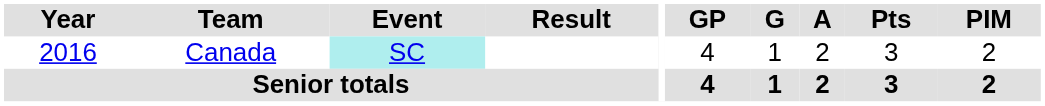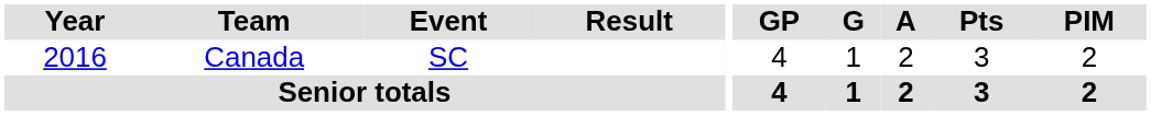 <table border="0" cellpadding="1" cellspacing="0" ID="Table3" style="text-align:center; width:40em">
 <tr align="center" bgcolor="#e0e0e0">
 <th>Year</th>
 <th>Team</th>
 <th>Event</th>
 <th>Result</th>
 <th rowspan="99" bgcolor="#ffffff"></th>
 <th>GP</th>
 <th>G</th>
 <th>A</th>
 <th>Pts</th>
 <th>PIM</th>
 </tr>
 <tr>
 <td><a href='#'>2016</a></td>
 <td><a href='#'>Canada</a></td>
-<td style="background: paleturquoise;"><a href='#'>SC</a></td>
+<td><a href='#'>SC</a></td>
 <td></td>
 <td>4</td>
 <td>1</td>
 <td>2</td>
 <td>3</td>
 <td>2</td>
 </tr>
 <tr bgcolor="#e0e0e0">
 <th colspan=4>Senior totals</th>
 <th>4</th>
 <th>1</th>
 <th>2</th>
 <th>3</th>
 <th>2</th>
 </tr>
 </table>
